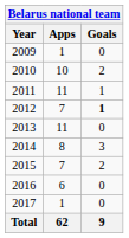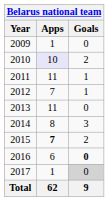 <table class="wikitable" style="text-align:center">
 <tr>
 <th colspan=3><a href='#'>Belarus national team</a></th>
 </tr>
 <tr>
 <th>Year</th>
 <th>Apps</th>
 <th>Goals</th>
 </tr>
 <tr>
 <td>2009</td>
 <td>1</td>
 <td>0</td>
 </tr>
 <tr>
 <td>2010</td>
-<td>10</td>
+<td style="background: lavender;">10</td>
 <td>2</td>
 </tr>
 <tr>
 <td>2011</td>
 <td>11</td>
 <td>1</td>
 </tr>
 <tr>
 <td>2012</td>
 <td>7</td>
-<td><strong>1</strong></td>
+<td>1</td>
 </tr>
 <tr>
 <td>2013</td>
 <td>11</td>
 <td>0</td>
 </tr>
 <tr>
 <td>2014</td>
 <td>8</td>
 <td>3</td>
 </tr>
 <tr>
 <td>2015</td>
-<td>7</td>
+<td><strong>7</strong></td>
 <td>2</td>
 </tr>
 <tr>
 <td>2016</td>
 <td>6</td>
-<td>0</td>
+<td><strong>0</strong></td>
 </tr>
 <tr>
 <td>2017</td>
 <td>1</td>
-<td>0</td>
+<td style="background: lightgrey;">0</td>
 </tr>
 <tr>
 <th>Total</th>
 <th>62</th>
 <th>9</th>
 </tr>
 </table>
